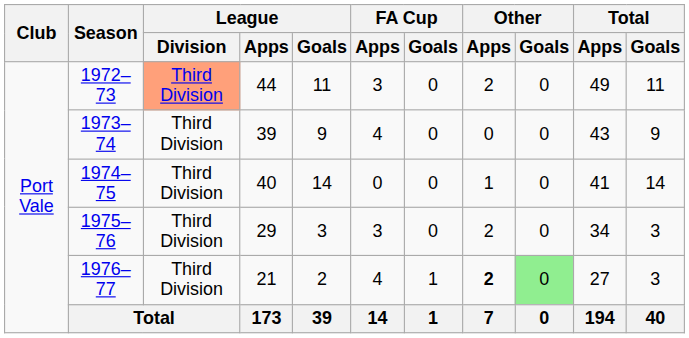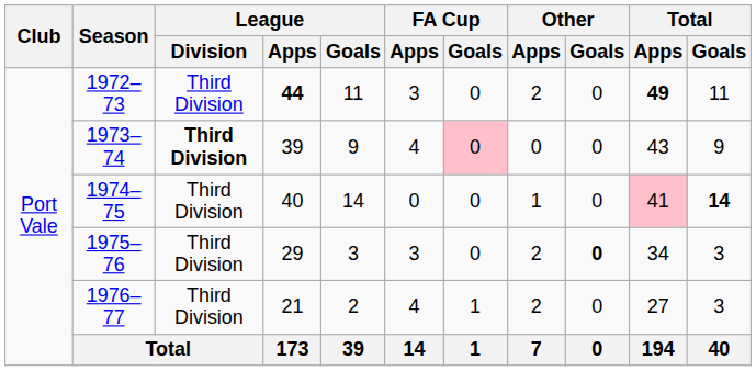 <table class="wikitable" style="text-align: center;">
 <tr>
 <th rowspan="2">Club</th>
 <th rowspan="2">Season</th>
 <th colspan="3">League</th>
 <th colspan="2">FA Cup</th>
 <th colspan="2">Other</th>
 <th colspan="2">Total</th>
 </tr>
 <tr>
 <th>Division</th>
 <th>Apps</th>
 <th>Goals</th>
 <th>Apps</th>
 <th>Goals</th>
 <th>Apps</th>
 <th>Goals</th>
 <th>Apps</th>
 <th>Goals</th>
 </tr>
 <tr>
 <td rowspan="6"><a href='#'>Port Vale</a></td>
 <td><a href='#'>1972–73</a></td>
-<td style="background: lightsalmon;"><a href='#'>Third Division</a></td>
-<td>44</td>
+<td><a href='#'>Third Division</a></td>
+<td><strong>44</strong></td>
 <td>11</td>
 <td>3</td>
 <td>0</td>
 <td>2</td>
 <td>0</td>
-<td>49</td>
+<td><strong>49</strong></td>
 <td>11</td>
 </tr>
 <tr>
 <td><a href='#'>1973–74</a></td>
-<td>Third Division</td>
+<td><strong>Third Division</strong></td>
 <td>39</td>
 <td>9</td>
 <td>4</td>
-<td>0</td>
+<td style="background: pink;">0</td>
 <td>0</td>
 <td>0</td>
 <td>43</td>
 <td>9</td>
 </tr>
 <tr>
 <td><a href='#'>1974–75</a></td>
 <td>Third Division</td>
 <td>40</td>
 <td>14</td>
 <td>0</td>
 <td>0</td>
 <td>1</td>
 <td>0</td>
-<td>41</td>
-<td>14</td>
+<td style="background: pink;">41</td>
+<td><strong>14</strong></td>
 </tr>
 <tr>
 <td><a href='#'>1975–76</a></td>
 <td>Third Division</td>
 <td>29</td>
 <td>3</td>
 <td>3</td>
 <td>0</td>
 <td>2</td>
-<td>0</td>
+<td><strong>0</strong></td>
 <td>34</td>
 <td>3</td>
 </tr>
 <tr>
 <td><a href='#'>1976–77</a></td>
 <td>Third Division</td>
 <td>21</td>
 <td>2</td>
 <td>4</td>
 <td>1</td>
-<td><strong>2</strong></td>
-<td style="background: lightgreen;">0</td>
+<td>2</td>
+<td>0</td>
 <td>27</td>
 <td>3</td>
 </tr>
 <tr>
 <th colspan="2">Total</th>
 <th>173</th>
 <th>39</th>
 <th>14</th>
 <th>1</th>
 <th>7</th>
 <th>0</th>
 <th>194</th>
 <th>40</th>
 </tr>
 </table>
